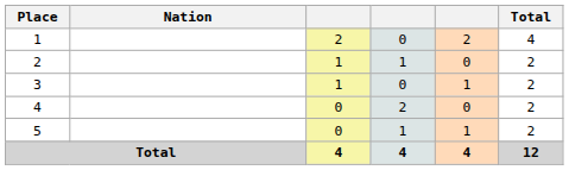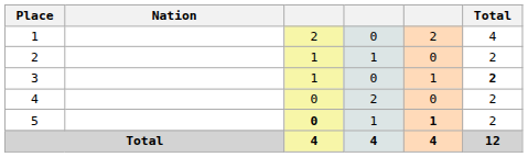 <table class=wikitable style="border:1px solid #AAAAAA;font-size:90%">
 <tr bgcolor="#EFEFEF">
 <th width=50>Place</th>
 <th width=200>Nation</th>
 <th width=50></th>
 <th width=50></th>
 <th width=50></th>
 <th width=50>Total</th>
 </tr>
 <tr align="center" valign="top" bgcolor="#FFFFFF">
 <td>1</td>
 <td align="left"></td>
 <td style="background:#F7F6A8;">2</td>
 <td style="background:#DCE5E5;">0</td>
 <td style="background:#FFDAB9;">2</td>
 <td>4</td>
 </tr>
 <tr align="center" valign="top" bgcolor="#FFFFFF">
 <td>2</td>
 <td align="left"></td>
 <td style="background:#F7F6A8;">1</td>
 <td style="background:#DCE5E5;">1</td>
 <td style="background:#FFDAB9;">0</td>
 <td>2</td>
 </tr>
 <tr align="center" valign="top" bgcolor="#FFFFFF">
 <td>3</td>
 <td align="left"></td>
 <td style="background:#F7F6A8;">1</td>
 <td style="background:#DCE5E5;">0</td>
 <td style="background:#FFDAB9;">1</td>
-<td>2</td>
+<td><strong>2</strong></td>
 </tr>
 <tr align="center" valign="top" bgcolor="#FFFFFF">
 <td>4</td>
 <td align="left"></td>
 <td style="background:#F7F6A8;">0</td>
 <td style="background:#DCE5E5;">2</td>
 <td style="background:#FFDAB9;">0</td>
 <td>2</td>
 </tr>
 <tr align="center" valign="top" bgcolor="#FFFFFF">
 <td>5</td>
 <td align="left"></td>
-<td style="background:#F7F6A8;">0</td>
+<td style="background:#F7F6A8;"><strong>0</strong></td>
 <td style="background:#DCE5E5;">1</td>
-<td style="background:#FFDAB9;">1</td>
+<td style="background:#FFDAB9;"><strong>1</strong></td>
 <td>2</td>
 </tr>
 <tr align="center">
 <td colspan="2" bgcolor=D3D3D3><strong>Total</strong></td>
 <td style="background:#F7F6A8;"><strong>4</strong></td>
 <td style="background:#DCE5E5;"><strong>4</strong></td>
 <td style="background:#FFDAB9;"><strong>4</strong></td>
 <td bgcolor=D3D3D3><strong>12</strong></td>
 </tr>
 </table>
